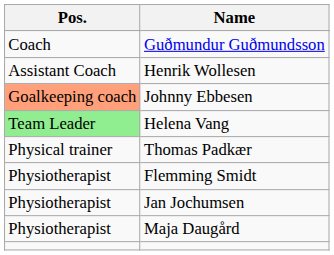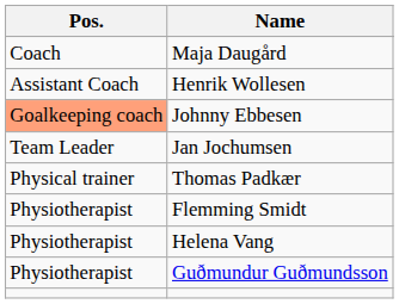 <table class="wikitable" style="text-align: left;">
 <tr>
 <th valign=center>Pos.</th>
 <th>Name</th>
 </tr>
 <tr>
 </tr>
 <tr>
 <td>Coach</td>
-<td> <a href='#'>Guðmundur Guðmundsson</a></td>
+<td> Maja Daugård</td>
 </tr>
 <tr>
 <td>Assistant Coach</td>
 <td> Henrik Wollesen</td>
 </tr>
 <tr>
 <td style="background: lightsalmon;">Goalkeeping coach</td>
 <td> Johnny Ebbesen</td>
 </tr>
 <tr>
-<td style="background: lightgreen;">Team Leader</td>
-<td> Helena Vang</td>
+<td>Team Leader</td>
+<td> Jan Jochumsen</td>
 </tr>
 <tr>
 <td>Physical trainer</td>
 <td> Thomas Padkær</td>
 </tr>
 <tr>
 <td>Physiotherapist</td>
 <td> Flemming Smidt</td>
 </tr>
 <tr>
 <td>Physiotherapist</td>
-<td> Jan Jochumsen</td>
+<td> Helena Vang</td>
 </tr>
 <tr>
 <td>Physiotherapist</td>
-<td> Maja Daugård</td>
+<td> <a href='#'>Guðmundur Guðmundsson</a></td>
 </tr>
 <tr>
 <td></td>
 </tr>
 </table>
